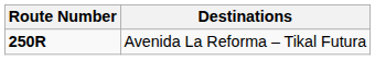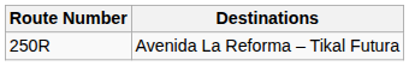 <table class="wikitable">
 <tr>
 <th>Route Number</th>
 <th>Destinations</th>
 </tr>
 <tr>
-<td><strong>250R</strong></td>
+<td>250R</td>
 <td>Avenida La Reforma – Tikal Futura</td>
 </tr>
 </table>
